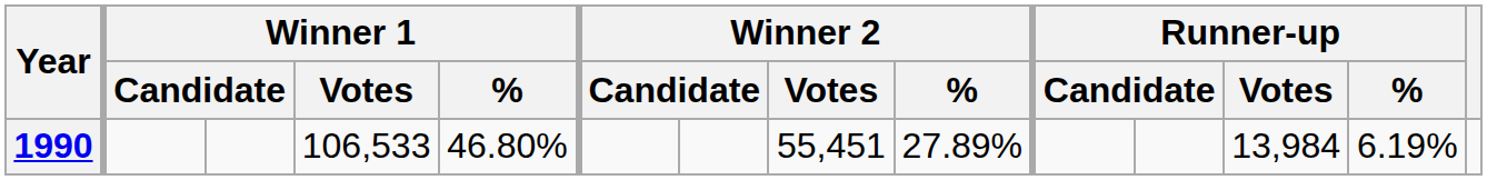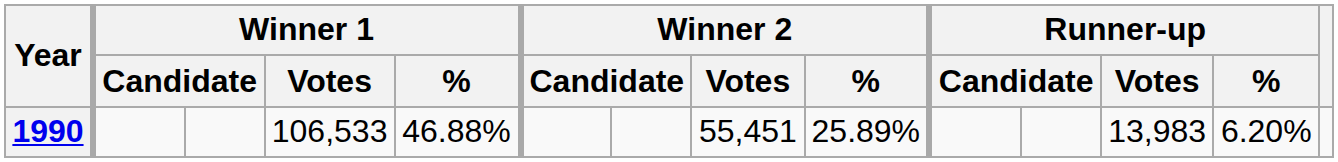 <table class="wikitable sortable">
 <tr>
 <th scope=col rowspan="2">Year</th>
 <th scope="col" style="border-left:3px solid darkgray;" colspan="4">Winner 1</th>
 <th scope="col" style="border-left:3px solid darkgray;" colspan="4">Winner 2</th>
 <th scope="col" style="border-left:3px solid darkgray;" colspan="4">Runner-up</th>
 <th scope="col" class="unsortable" rowspan="2"></th>
 </tr>
 <tr>
 <th scope="col" style="border-left:3px solid darkgray;" colspan="2">Candidate</th>
 <th scope="col" data-sort-type="number">Votes</th>
 <th scope="col"  data-sort-type="number">%</th>
 <th scope="col" style="border-left:3px solid darkgray;" colspan="2">Candidate</th>
 <th scope="col"  data-sort-type="number">Votes</th>
 <th scope="col"  data-sort-type="number">%</th>
 <th scope="col"  scope="col" style="border-left:3px solid darkgray;" colspan="2">Candidate</th>
 <th scope="col"  data-sort-type="number">Votes</th>
 <th scope="col"  data-sort-type="number">%</th>
 </tr>
 <tr>
 <th scope="row"><a href='#'>1990</a></th>
 <td style="text-align:left; border-left:3px solid darkgray; background-color:"></td>
 <td> </td>
 <td>106,533</td>
-<td>46.80%</td>
+<td>46.88%</td>
 <td style="text-align:left; border-left:3px solid darkgray; background-color:"></td>
 <td> </td>
 <td>55,451</td>
-<td>27.89%</td>
+<td>25.89%</td>
 <td style="text-align:left; border-left:3px solid darkgray; background-color:"></td>
 <td> </td>
-<td>13,984</td>
-<td>6.19%</td>
+<td>13,983</td>
+<td>6.20%</td>
 <td style="text-align: center;"></td>
 </tr>
 </table>
